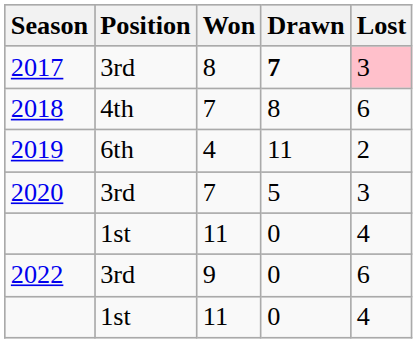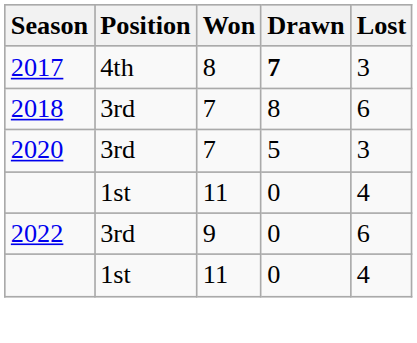 <table class="wikitable collapsible">
 <tr>
 <th>Season</th>
 <th>Position</th>
 <th>Won</th>
 <th>Drawn</th>
 <th>Lost</th>
 </tr>
 <tr>
 <td><a href='#'>2017</a></td>
-<td>3rd</td>
+<td>4th</td>
 <td>8</td>
 <td><strong>7</strong></td>
-<td style="background: pink;">3</td>
+<td>3</td>
 </tr>
 <tr>
 <td><a href='#'>2018</a></td>
-<td>4th</td>
+<td>3rd</td>
 <td>7</td>
 <td>8</td>
 <td>6</td>
-</tr>
-<tr>
-<td><a href='#'>2019</a></td>
-<td>6th</td>
-<td>4</td>
-<td>11</td>
-<td>2</td>
 </tr>
 <tr>
 <td><a href='#'>2020</a></td>
 <td>3rd</td>
 <td>7</td>
 <td>5</td>
 <td>3</td>
 </tr>
 <tr style="background-color:#">
 <td></td>
 <td>1st</td>
 <td>11</td>
 <td>0</td>
 <td>4</td>
 </tr>
 <tr>
 <td><a href='#'>2022</a></td>
 <td>3rd</td>
 <td>9</td>
 <td>0</td>
 <td>6</td>
 </tr>
 <tr style="background-color:#">
 <td></td>
 <td>1st</td>
 <td>11</td>
 <td>0</td>
 <td>4</td>
 </tr>
 </table>
